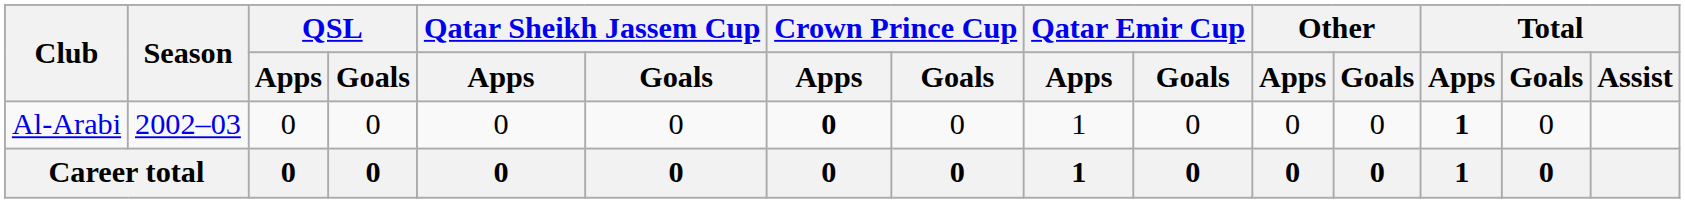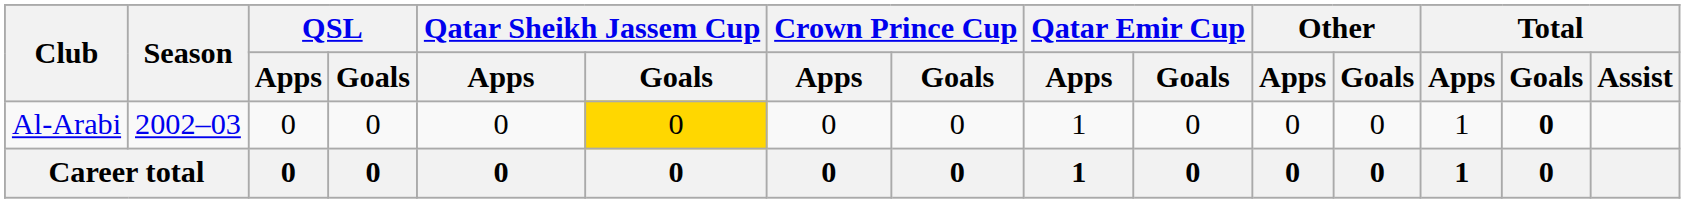 <table class="wikitable" style="text-align: center">
 <tr>
 <th rowspan="2">Club</th>
 <th rowspan="2">Season</th>
 <th colspan="2"><a href='#'>QSL</a></th>
 <th colspan="2"><a href='#'>Qatar Sheikh Jassem Cup</a></th>
 <th colspan="2"><a href='#'>Crown Prince Cup</a></th>
 <th colspan="2"><a href='#'>Qatar Emir Cup</a></th>
 <th colspan="2">Other</th>
 <th colspan="3">Total</th>
 </tr>
 <tr>
 <th>Apps</th>
 <th>Goals</th>
 <th>Apps</th>
 <th>Goals</th>
 <th>Apps</th>
 <th>Goals</th>
 <th>Apps</th>
 <th>Goals</th>
 <th>Apps</th>
 <th>Goals</th>
 <th>Apps</th>
 <th>Goals</th>
 <th>Assist</th>
 </tr>
 <tr>
 <td rowspan="1"><a href='#'>Al-Arabi</a></td>
 <td><a href='#'>2002–03</a></td>
 <td>0</td>
 <td>0</td>
 <td>0</td>
+<td style="background: gold;">0</td>
 <td>0</td>
-<td><strong>0</strong></td>
 <td>0</td>
 <td>1</td>
 <td>0</td>
 <td>0</td>
 <td>0</td>
-<td><strong>1</strong></td>
-<td>0</td>
+<td>1</td>
+<td><strong>0</strong></td>
 <td></td>
 </tr>
 <tr>
 <th colspan="2">Career total</th>
 <th>0</th>
 <th>0</th>
 <th>0</th>
 <th>0</th>
 <th>0</th>
 <th>0</th>
 <th>1</th>
 <th>0</th>
 <th>0</th>
 <th>0</th>
 <th>1</th>
 <th>0</th>
 <th></th>
 </tr>
 </table>
